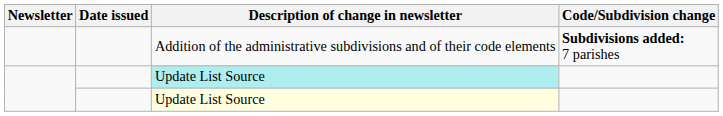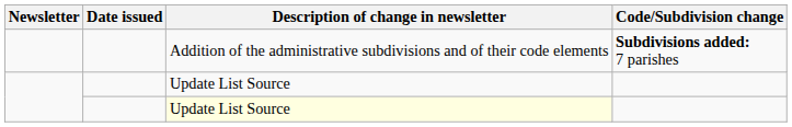 <table class="wikitable">
 <tr>
 <th>Newsletter</th>
 <th>Date issued</th>
 <th>Description of change in newsletter</th>
 <th>Code/Subdivision change</th>
 </tr>
 <tr>
 <td id="I-8"></td>
 <td></td>
 <td>Addition of the administrative subdivisions and of their code elements</td>
 <td style=white-space:nowrap><strong>Subdivisions added:</strong><br>7 parishes</td>
 </tr>
 <tr>
 <td rowspan="2"></td>
 <td></td>
-<td style="background: paleturquoise;">Update List Source</td>
+<td>Update List Source</td>
 <td></td>
 </tr>
 <tr>
 <td></td>
 <td style="background: lightyellow;">Update List Source</td>
 <td></td>
 </tr>
 </table>
